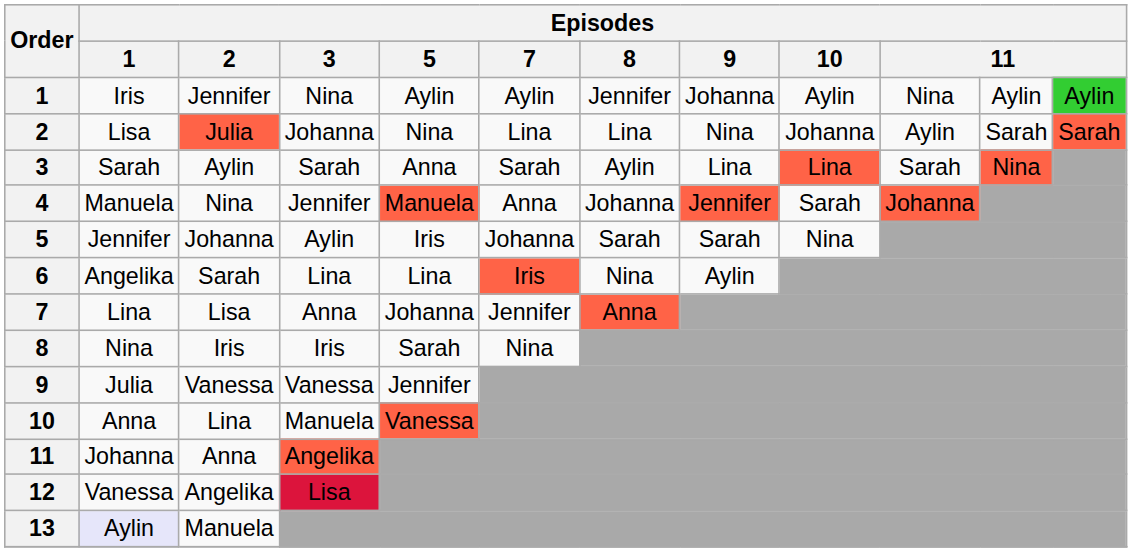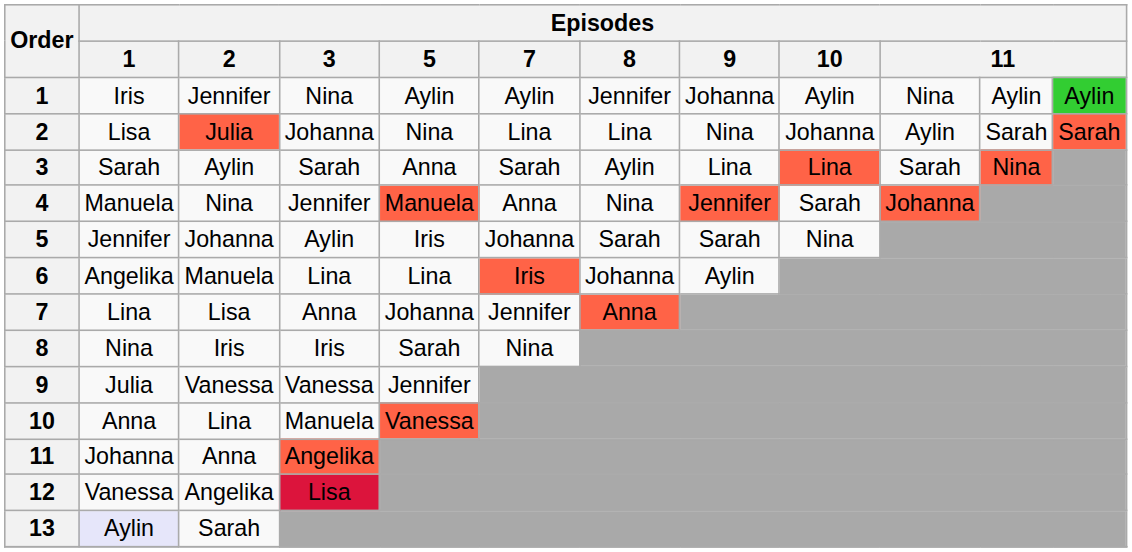 <table class="wikitable" style="text-align:center; font-size:92%">
 <tr>
 <th rowspan=2>Order</th>
 <th colspan=13>Episodes</th>
 </tr>
 <tr>
 <th>1</th>
 <th>2</th>
 <th>3</th>
 <th>5</th>
 <th>7</th>
 <th>8</th>
 <th>9</th>
 <th>10</th>
 <th colspan="3">11</th>
 </tr>
 <tr>
 <th>1</th>
 <td>Iris</td>
 <td>Jennifer</td>
 <td>Nina</td>
 <td>Aylin</td>
 <td>Aylin</td>
 <td>Jennifer</td>
 <td>Johanna</td>
 <td>Aylin</td>
 <td>Nina</td>
 <td>Aylin</td>
 <td bgcolor="limegreen">Aylin</td>
 </tr>
 <tr>
 <th>2</th>
 <td>Lisa</td>
 <td bgcolor="tomato">Julia</td>
 <td>Johanna</td>
 <td>Nina</td>
 <td>Lina</td>
 <td>Lina</td>
 <td>Nina</td>
 <td>Johanna</td>
 <td>Aylin</td>
 <td>Sarah</td>
 <td bgcolor="tomato">Sarah</td>
 </tr>
 <tr>
 <th>3</th>
 <td>Sarah</td>
 <td>Aylin</td>
 <td>Sarah</td>
 <td>Anna</td>
 <td>Sarah</td>
 <td>Aylin</td>
 <td>Lina</td>
 <td bgcolor="tomato">Lina</td>
 <td>Sarah</td>
 <td bgcolor="tomato">Nina</td>
 <td bgcolor="A9A9A9"></td>
 </tr>
 <tr>
 <th>4</th>
 <td>Manuela</td>
 <td>Nina</td>
 <td>Jennifer</td>
 <td bgcolor="tomato">Manuela</td>
 <td>Anna</td>
-<td>Johanna</td>
+<td>Nina</td>
 <td bgcolor="tomato">Jennifer</td>
 <td>Sarah</td>
 <td bgcolor="tomato">Johanna</td>
 <td colspan=3 bgcolor="A9A9A9"></td>
 </tr>
 <tr>
 <th>5</th>
 <td>Jennifer</td>
 <td>Johanna</td>
 <td>Aylin</td>
 <td>Iris</td>
 <td>Johanna</td>
 <td>Sarah</td>
 <td>Sarah</td>
 <td>Nina</td>
 <td colspan=3 bgcolor="A9A9A9"></td>
 </tr>
 <tr>
 <th>6</th>
 <td>Angelika</td>
-<td>Sarah</td>
+<td>Manuela</td>
 <td>Lina</td>
 <td>Lina</td>
 <td bgcolor="tomato">Iris</td>
-<td>Nina</td>
+<td>Johanna</td>
 <td>Aylin</td>
 <td colspan=4 bgcolor="A9A9A9"></td>
 </tr>
 <tr>
 <th>7</th>
 <td>Lina</td>
 <td>Lisa</td>
 <td>Anna</td>
 <td>Johanna</td>
 <td>Jennifer</td>
 <td bgcolor="tomato">Anna</td>
 <td colspan=5 bgcolor="A9A9A9"></td>
 </tr>
 <tr>
 <th>8</th>
 <td>Nina</td>
 <td>Iris</td>
 <td>Iris</td>
 <td>Sarah</td>
 <td>Nina</td>
 <td colspan=7 bgcolor="A9A9A9"></td>
 </tr>
 <tr>
 <th>9</th>
 <td>Julia</td>
 <td>Vanessa</td>
 <td>Vanessa</td>
 <td>Jennifer</td>
 <td colspan=8 bgcolor="A9A9A9"></td>
 </tr>
 <tr>
 <th>10</th>
 <td>Anna</td>
 <td>Lina</td>
 <td>Manuela</td>
 <td bgcolor="tomato">Vanessa</td>
 <td colspan=8 bgcolor="A9A9A9"></td>
 </tr>
 <tr>
 <th>11</th>
 <td>Johanna</td>
 <td>Anna</td>
 <td bgcolor="tomato">Angelika</td>
 <td colspan=10 bgcolor="A9A9A9"></td>
 </tr>
 <tr>
 <th>12</th>
 <td>Vanessa</td>
 <td>Angelika</td>
 <td bgcolor="crimson"><span>Lisa</span></td>
 <td colspan=10 bgcolor="A9A9A9"></td>
 </tr>
 <tr>
 <th>13</th>
 <td style="background: lavender;">Aylin</td>
-<td>Manuela</td>
+<td>Sarah</td>
 <td colspan=11 bgcolor="A9A9A9"></td>
 </tr>
 <tr>
 </tr>
 </table>
